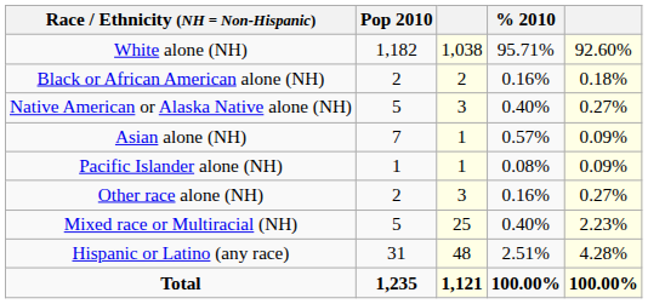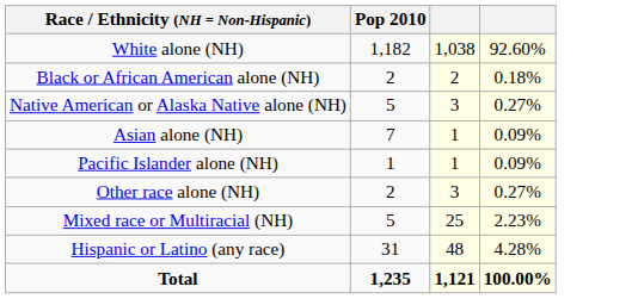 <table class="wikitable" style="text-align:center;">
 <tr>
 <th>Race / Ethnicity <small>(<em>NH = Non-Hispanic</em>)</small></th>
 <th>Pop 2010</th>
 <th></th>
-<th>% 2010</th>
 <th></th>
 </tr>
 <tr>
 <td><a href='#'>White</a> alone (NH)</td>
 <td>1,182</td>
 <td style='background: #ffffe6;'>1,038</td>
-<td>95.71%</td>
 <td style='background: #ffffe6;'>92.60%</td>
 </tr>
 <tr>
 <td><a href='#'>Black or African American</a> alone (NH)</td>
 <td>2</td>
 <td style='background: #ffffe6;'>2</td>
-<td>0.16%</td>
 <td style='background: #ffffe6;'>0.18%</td>
 </tr>
 <tr>
 <td><a href='#'>Native American</a> or <a href='#'>Alaska Native</a> alone (NH)</td>
 <td>5</td>
 <td style='background: #ffffe6;'>3</td>
-<td>0.40%</td>
 <td style='background: #ffffe6;'>0.27%</td>
 </tr>
 <tr>
 <td><a href='#'>Asian</a> alone (NH)</td>
 <td>7</td>
 <td style='background: #ffffe6;'>1</td>
-<td>0.57%</td>
 <td style='background: #ffffe6;'>0.09%</td>
 </tr>
 <tr>
 <td><a href='#'>Pacific Islander</a> alone (NH)</td>
 <td>1</td>
 <td style='background: #ffffe6;'>1</td>
-<td>0.08%</td>
 <td style='background: #ffffe6;'>0.09%</td>
 </tr>
 <tr>
 <td><a href='#'>Other race</a> alone (NH)</td>
 <td>2</td>
 <td style='background: #ffffe6;'>3</td>
-<td>0.16%</td>
 <td style='background: #ffffe6;'>0.27%</td>
 </tr>
 <tr>
 <td><a href='#'>Mixed race or Multiracial</a> (NH)</td>
 <td>5</td>
 <td style='background: #ffffe6;'>25</td>
-<td>0.40%</td>
 <td style='background: #ffffe6;'>2.23%</td>
 </tr>
 <tr>
 <td><a href='#'>Hispanic or Latino</a> (any race)</td>
 <td>31</td>
 <td style='background: #ffffe6;'>48</td>
-<td>2.51%</td>
 <td style='background: #ffffe6;'>4.28%</td>
 </tr>
 <tr>
 <td><strong>Total</strong></td>
 <td><strong>1,235</strong></td>
 <td style='background: #ffffe6;'><strong>1,121</strong></td>
-<td><strong>100.00%</strong></td>
 <td style='background: #ffffe6;'><strong>100.00%</strong></td>
 </tr>
 </table>
